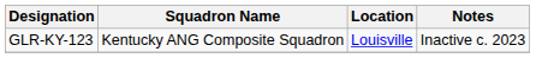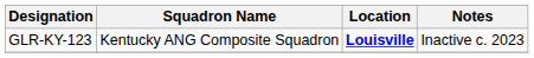 <table class="wikitable">
 <tr>
 <th>Designation </th>
 <th>Squadron Name</th>
 <th>Location</th>
 <th>Notes</th>
 </tr>
 <tr>
 <td>GLR-KY-123</td>
 <td>Kentucky ANG Composite Squadron</td>
-<td><a href='#'>Louisville</a></td>
+<td><strong><a href='#'>Louisville</a></strong></td>
 <td>Inactive c. 2023</td>
 </tr>
 <tr>
 </tr>
 </table>
